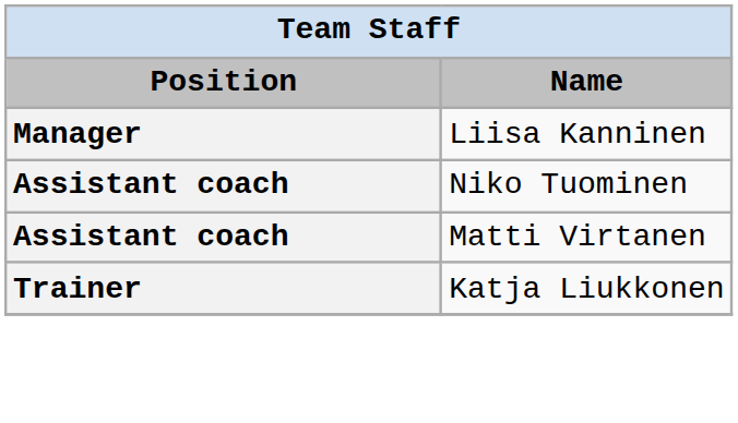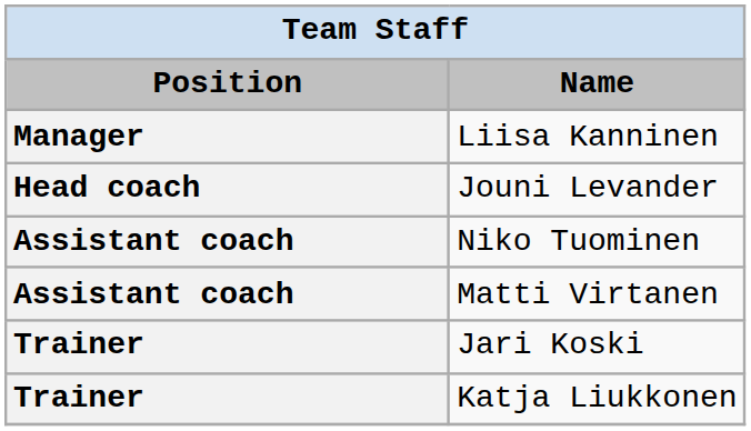 <table class="wikitable" style="text-align:left; font-size:90%;">
 <tr>
 <th style=background:#CEE0F2 colspan=2>Team Staff</th>
 </tr>
 <tr>
 <th width=60% style="background:silver;">Position</th>
 <th style="background:silver;">Name</th>
 </tr>
 <tr>
 <th style="text-align:left;">Manager</th>
 <td>Liisa Kanninen</td>
 </tr>
 <tr>
+<th style="text-align:left;">Head coach</th>
+<td>Jouni Levander</td>
+</tr>
+<tr>
 <th style="text-align:left;">Assistant coach</th>
 <td>Niko Tuominen</td>
 </tr>
 <tr>
 <th style="text-align:left;">Assistant coach</th>
 <td>Matti Virtanen</td>
 </tr>
 <tr>
 <th style="text-align:left;">Trainer</th>
+<td>Jari Koski</td>
+</tr>
+<tr>
+<th style="text-align:left;">Trainer</th>
 <td>Katja Liukkonen</td>
 </tr>
 <tr>
 </tr>
 </table>
